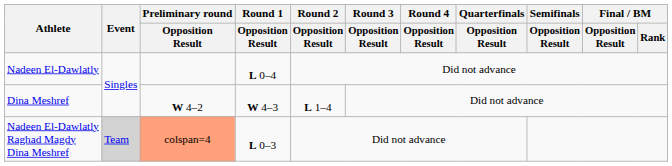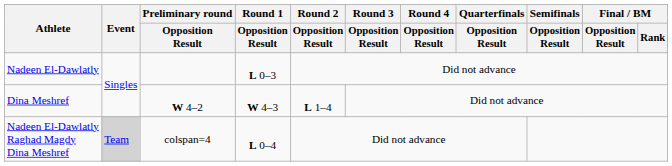 <table class="wikitable" style="font-size:90%">
 <tr>
 <th scope="col" rowspan=2>Athlete</th>
 <th scope="col" rowspan=2>Event</th>
 <th scope="col">Preliminary round</th>
 <th scope="col">Round 1</th>
 <th scope="col">Round 2</th>
 <th scope="col">Round 3</th>
 <th scope="col">Round 4</th>
 <th scope="col">Quarterfinals</th>
 <th scope="col">Semifinals</th>
 <th scope="col" colspan=2>Final / BM</th>
 </tr>
 <tr style="font-size:95%">
 <th scope="col">Opposition<br>Result</th>
 <th scope="col">Opposition<br>Result</th>
 <th scope="col">Opposition<br>Result</th>
 <th scope="col">Opposition<br>Result</th>
 <th scope="col">Opposition<br>Result</th>
 <th scope="col">Opposition<br>Result</th>
 <th scope="col">Opposition<br>Result</th>
 <th scope="col">Opposition<br>Result</th>
 <th scope="col">Rank</th>
 </tr>
 <tr align=center>
 <td align=left><a href='#'>Nadeen El-Dawlatly</a></td>
 <td align=left rowspan=2><a href='#'>Singles</a></td>
 <td></td>
-<td><br><strong>L</strong> 0–4</td>
+<td><br><strong>L</strong> 0–3</td>
 <td colspan=7>Did not advance</td>
 </tr>
 <tr align=center>
 <td align=left><a href='#'>Dina Meshref</a></td>
 <td><br><strong>W</strong> 4–2</td>
 <td><br> <strong>W</strong> 4–3</td>
 <td><br><strong>L</strong> 1–4</td>
 <td colspan=6>Did not advance</td>
 </tr>
 <tr align=center>
 <td align=left><a href='#'>Nadeen El-Dawlatly</a><br><a href='#'>Raghad Magdy</a><br><a href='#'>Dina Meshref</a></td>
 <td align=left style="background: lightgrey;"><a href='#'>Team</a></td>
-<td style="background: lightsalmon;">colspan=4 </td>
-<td><br><strong>L</strong> 0–3</td>
+<td>colspan=4 </td>
+<td><br><strong>L</strong> 0–4</td>
 <td colspan=4>Did not advance</td>
 </tr>
 </table>
